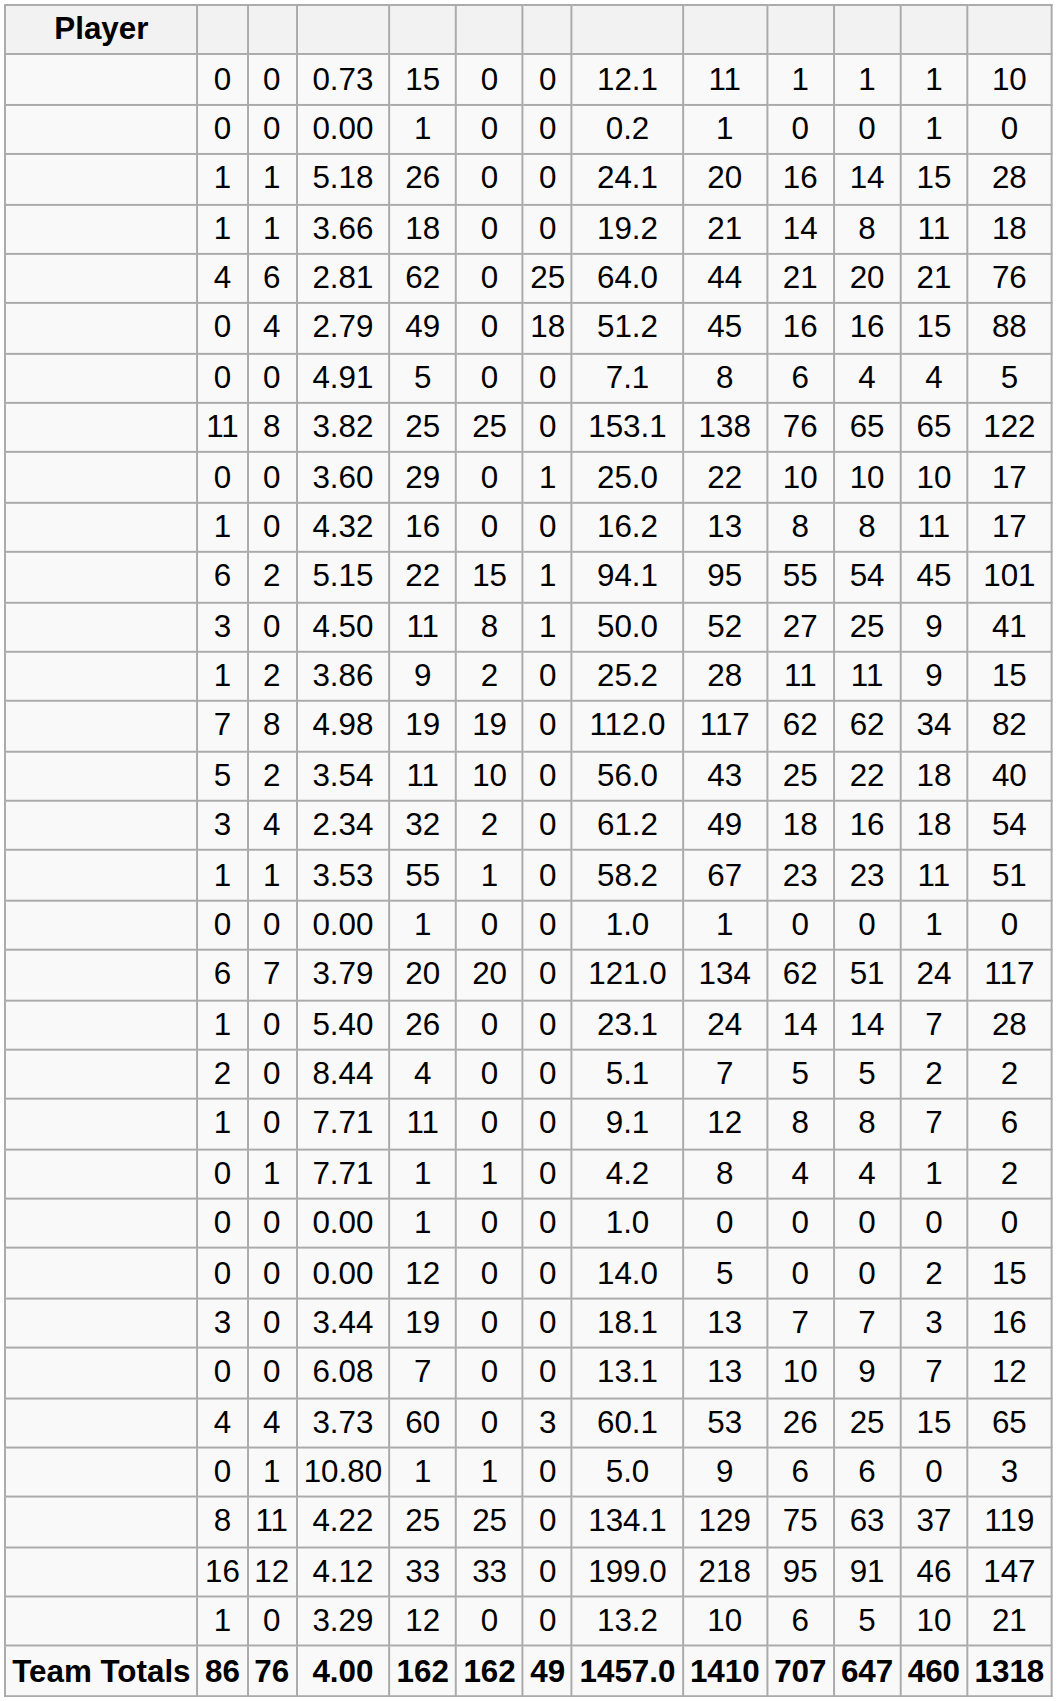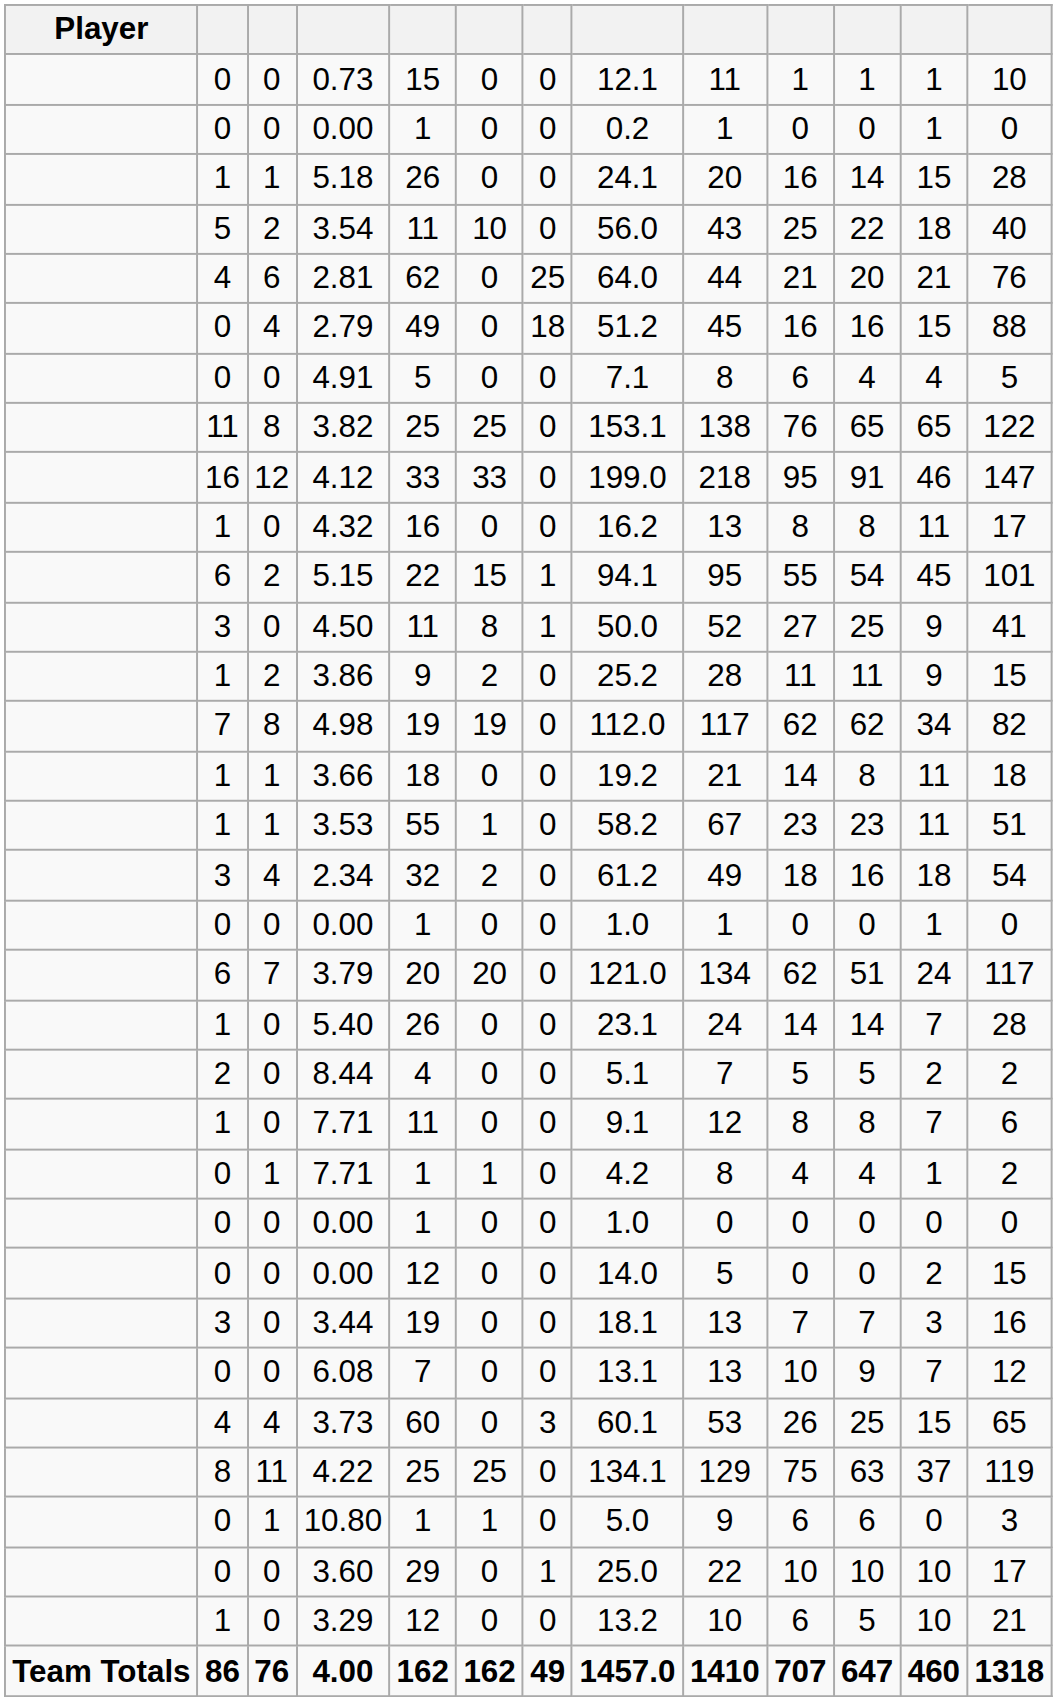 <table class="wikitable sortable" style="text-align:center;">
 <tr>
 <th>Player</th>
 <th></th>
 <th></th>
 <th></th>
 <th></th>
 <th></th>
 <th></th>
 <th></th>
 <th></th>
 <th></th>
 <th></th>
 <th></th>
 <th></th>
 </tr>
 <tr>
 <td align=left><strong></strong></td>
 <td>0</td>
 <td>0</td>
 <td>0.73</td>
 <td>15</td>
 <td>0</td>
 <td>0</td>
 <td>12.1</td>
 <td>11</td>
 <td>1</td>
 <td>1</td>
 <td>1</td>
 <td>10</td>
 </tr>
 <tr>
 <td align=left></td>
 <td>0</td>
 <td>0</td>
 <td>0.00</td>
 <td>1</td>
 <td>0</td>
 <td>0</td>
 <td>0.2</td>
 <td>1</td>
 <td>0</td>
 <td>0</td>
 <td>1</td>
 <td>0</td>
 </tr>
 <tr>
 <td align=left></td>
 <td>1</td>
 <td>1</td>
 <td>5.18</td>
 <td>26</td>
 <td>0</td>
 <td>0</td>
 <td>24.1</td>
 <td>20</td>
 <td>16</td>
 <td>14</td>
 <td>15</td>
 <td>28</td>
 </tr>
 <tr>
 <td align=left><strong></strong></td>
-<td>1</td>
-<td>1</td>
-<td>3.66</td>
+<td>5</td>
+<td>2</td>
+<td>3.54</td>
+<td>11</td>
+<td>10</td>
+<td>0</td>
+<td>56.0</td>
+<td>43</td>
+<td>25</td>
+<td>22</td>
 <td>18</td>
-<td>0</td>
-<td>0</td>
-<td>19.2</td>
-<td>21</td>
-<td>14</td>
-<td>8</td>
-<td>11</td>
-<td>18</td>
+<td>40</td>
 </tr>
 <tr>
 <td align=left><strong></strong></td>
 <td>4</td>
 <td>6</td>
 <td>2.81</td>
 <td>62</td>
 <td>0</td>
 <td>25</td>
 <td>64.0</td>
 <td>44</td>
 <td>21</td>
 <td>20</td>
 <td>21</td>
 <td>76</td>
 </tr>
 <tr>
 <td align=left><strong></strong></td>
 <td>0</td>
 <td>4</td>
 <td>2.79</td>
 <td>49</td>
 <td>0</td>
 <td>18</td>
 <td>51.2</td>
 <td>45</td>
 <td>16</td>
 <td>16</td>
 <td>15</td>
 <td>88</td>
 </tr>
 <tr>
 <td align=left></td>
 <td>0</td>
 <td>0</td>
 <td>4.91</td>
 <td>5</td>
 <td>0</td>
 <td>0</td>
 <td>7.1</td>
 <td>8</td>
 <td>6</td>
 <td>4</td>
 <td>4</td>
 <td>5</td>
 </tr>
 <tr>
 <td align=left><strong></strong></td>
 <td>11</td>
 <td>8</td>
 <td>3.82</td>
 <td>25</td>
 <td>25</td>
 <td>0</td>
 <td>153.1</td>
 <td>138</td>
 <td>76</td>
 <td>65</td>
 <td>65</td>
 <td>122</td>
 </tr>
 <tr>
 <td align=left><strong></strong></td>
+<td>16</td>
+<td>12</td>
+<td>4.12</td>
+<td>33</td>
+<td>33</td>
 <td>0</td>
-<td>0</td>
-<td>3.60</td>
-<td>29</td>
-<td>0</td>
-<td>1</td>
-<td>25.0</td>
-<td>22</td>
-<td>10</td>
-<td>10</td>
-<td>10</td>
-<td>17</td>
+<td>199.0</td>
+<td>218</td>
+<td>95</td>
+<td>91</td>
+<td>46</td>
+<td>147</td>
 </tr>
 <tr>
 <td align=left></td>
 <td>1</td>
 <td>0</td>
 <td>4.32</td>
 <td>16</td>
 <td>0</td>
 <td>0</td>
 <td>16.2</td>
 <td>13</td>
 <td>8</td>
 <td>8</td>
 <td>11</td>
 <td>17</td>
 </tr>
 <tr>
 <td align=left></td>
 <td>6</td>
 <td>2</td>
 <td>5.15</td>
 <td>22</td>
 <td>15</td>
 <td>1</td>
 <td>94.1</td>
 <td>95</td>
 <td>55</td>
 <td>54</td>
 <td>45</td>
 <td>101</td>
 </tr>
 <tr>
 <td align=left></td>
 <td>3</td>
 <td>0</td>
 <td>4.50</td>
 <td>11</td>
 <td>8</td>
 <td>1</td>
 <td>50.0</td>
 <td>52</td>
 <td>27</td>
 <td>25</td>
 <td>9</td>
 <td>41</td>
 </tr>
 <tr>
 <td align=left><strong></strong></td>
 <td>1</td>
 <td>2</td>
 <td>3.86</td>
 <td>9</td>
 <td>2</td>
 <td>0</td>
 <td>25.2</td>
 <td>28</td>
 <td>11</td>
 <td>11</td>
 <td>9</td>
 <td>15</td>
 </tr>
 <tr>
 <td align=left></td>
 <td>7</td>
 <td>8</td>
 <td>4.98</td>
 <td>19</td>
 <td>19</td>
 <td>0</td>
 <td>112.0</td>
 <td>117</td>
 <td>62</td>
 <td>62</td>
 <td>34</td>
 <td>82</td>
 </tr>
 <tr>
 <td align=left><strong></strong></td>
-<td>5</td>
-<td>2</td>
-<td>3.54</td>
+<td>1</td>
+<td>1</td>
+<td>3.66</td>
+<td>18</td>
+<td>0</td>
+<td>0</td>
+<td>19.2</td>
+<td>21</td>
+<td>14</td>
+<td>8</td>
 <td>11</td>
-<td>10</td>
+<td>18</td>
+</tr>
+<tr>
+<td align=left><strong></strong></td>
+<td>1</td>
+<td>1</td>
+<td>3.53</td>
+<td>55</td>
+<td>1</td>
 <td>0</td>
-<td>56.0</td>
-<td>43</td>
-<td>25</td>
-<td>22</td>
-<td>18</td>
-<td>40</td>
+<td>58.2</td>
+<td>67</td>
+<td>23</td>
+<td>23</td>
+<td>11</td>
+<td>51</td>
 </tr>
 <tr>
 <td align=left></td>
 <td>3</td>
 <td>4</td>
 <td>2.34</td>
 <td>32</td>
 <td>2</td>
 <td>0</td>
 <td>61.2</td>
 <td>49</td>
 <td>18</td>
 <td>16</td>
 <td>18</td>
 <td>54</td>
-</tr>
-<tr>
-<td align=left><strong></strong></td>
-<td>1</td>
-<td>1</td>
-<td>3.53</td>
-<td>55</td>
-<td>1</td>
-<td>0</td>
-<td>58.2</td>
-<td>67</td>
-<td>23</td>
-<td>23</td>
-<td>11</td>
-<td>51</td>
 </tr>
 <tr>
 <td align=left></td>
 <td>0</td>
 <td>0</td>
 <td>0.00</td>
 <td>1</td>
 <td>0</td>
 <td>0</td>
 <td>1.0</td>
 <td>1</td>
 <td>0</td>
 <td>0</td>
 <td>1</td>
 <td>0</td>
 </tr>
 <tr>
 <td align=left><strong></strong></td>
 <td>6</td>
 <td>7</td>
 <td>3.79</td>
 <td>20</td>
 <td>20</td>
 <td>0</td>
 <td>121.0</td>
 <td>134</td>
 <td>62</td>
 <td>51</td>
 <td>24</td>
 <td>117</td>
 </tr>
 <tr>
 <td align=left></td>
 <td>1</td>
 <td>0</td>
 <td>5.40</td>
 <td>26</td>
 <td>0</td>
 <td>0</td>
 <td>23.1</td>
 <td>24</td>
 <td>14</td>
 <td>14</td>
 <td>7</td>
 <td>28</td>
 </tr>
 <tr>
 <td align=left></td>
 <td>2</td>
 <td>0</td>
 <td>8.44</td>
 <td>4</td>
 <td>0</td>
 <td>0</td>
 <td>5.1</td>
 <td>7</td>
 <td>5</td>
 <td>5</td>
 <td>2</td>
 <td>2</td>
 </tr>
 <tr>
 <td align=left><strong></strong></td>
 <td>1</td>
 <td>0</td>
 <td>7.71</td>
 <td>11</td>
 <td>0</td>
 <td>0</td>
 <td>9.1</td>
 <td>12</td>
 <td>8</td>
 <td>8</td>
 <td>7</td>
 <td>6</td>
 </tr>
 <tr>
 <td align=left></td>
 <td>0</td>
 <td>1</td>
 <td>7.71</td>
 <td>1</td>
 <td>1</td>
 <td>0</td>
 <td>4.2</td>
 <td>8</td>
 <td>4</td>
 <td>4</td>
 <td>1</td>
 <td>2</td>
 </tr>
 <tr>
 <td align=left></td>
 <td>0</td>
 <td>0</td>
 <td>0.00</td>
 <td>1</td>
 <td>0</td>
 <td>0</td>
 <td>1.0</td>
 <td>0</td>
 <td>0</td>
 <td>0</td>
 <td>0</td>
 <td>0</td>
 </tr>
 <tr>
 <td align=left><strong></strong></td>
 <td>0</td>
 <td>0</td>
 <td>0.00</td>
 <td>12</td>
 <td>0</td>
 <td>0</td>
 <td>14.0</td>
 <td>5</td>
 <td>0</td>
 <td>0</td>
 <td>2</td>
 <td>15</td>
 </tr>
 <tr>
 <td align=left><strong></strong></td>
 <td>3</td>
 <td>0</td>
 <td>3.44</td>
 <td>19</td>
 <td>0</td>
 <td>0</td>
 <td>18.1</td>
 <td>13</td>
 <td>7</td>
 <td>7</td>
 <td>3</td>
 <td>16</td>
 </tr>
 <tr>
 <td align=left><strong></strong></td>
 <td>0</td>
 <td>0</td>
 <td>6.08</td>
 <td>7</td>
 <td>0</td>
 <td>0</td>
 <td>13.1</td>
 <td>13</td>
 <td>10</td>
 <td>9</td>
 <td>7</td>
 <td>12</td>
 </tr>
 <tr>
 <td align=left><strong></strong></td>
 <td>4</td>
 <td>4</td>
 <td>3.73</td>
 <td>60</td>
 <td>0</td>
 <td>3</td>
 <td>60.1</td>
 <td>53</td>
 <td>26</td>
 <td>25</td>
 <td>15</td>
 <td>65</td>
 </tr>
 <tr>
+<td align=left><strong></strong></td>
+<td>8</td>
+<td>11</td>
+<td>4.22</td>
+<td>25</td>
+<td>25</td>
+<td>0</td>
+<td>134.1</td>
+<td>129</td>
+<td>75</td>
+<td>63</td>
+<td>37</td>
+<td>119</td>
+</tr>
+<tr>
 <td align=left></td>
 <td>0</td>
 <td>1</td>
 <td>10.80</td>
 <td>1</td>
 <td>1</td>
 <td>0</td>
 <td>5.0</td>
 <td>9</td>
 <td>6</td>
 <td>6</td>
 <td>0</td>
 <td>3</td>
 </tr>
 <tr>
 <td align=left><strong></strong></td>
-<td>8</td>
-<td>11</td>
-<td>4.22</td>
-<td>25</td>
-<td>25</td>
 <td>0</td>
-<td>134.1</td>
-<td>129</td>
-<td>75</td>
-<td>63</td>
-<td>37</td>
-<td>119</td>
-</tr>
-<tr>
-<td align=left><strong></strong></td>
-<td>16</td>
-<td>12</td>
-<td>4.12</td>
-<td>33</td>
-<td>33</td>
 <td>0</td>
-<td>199.0</td>
-<td>218</td>
-<td>95</td>
-<td>91</td>
-<td>46</td>
-<td>147</td>
+<td>3.60</td>
+<td>29</td>
+<td>0</td>
+<td>1</td>
+<td>25.0</td>
+<td>22</td>
+<td>10</td>
+<td>10</td>
+<td>10</td>
+<td>17</td>
 </tr>
 <tr>
 <td align=left></td>
 <td>1</td>
 <td>0</td>
 <td>3.29</td>
 <td>12</td>
 <td>0</td>
 <td>0</td>
 <td>13.2</td>
 <td>10</td>
 <td>6</td>
 <td>5</td>
 <td>10</td>
 <td>21</td>
 </tr>
 <tr>
 <td align=left><strong>Team Totals</strong></td>
 <td><strong>86</strong></td>
 <td><strong>76</strong></td>
 <td><strong>4.00</strong></td>
 <td><strong>162</strong></td>
 <td><strong>162</strong></td>
 <td><strong>49</strong></td>
 <td><strong>1457.0</strong></td>
 <td><strong>1410</strong></td>
 <td><strong>707</strong></td>
 <td><strong>647</strong></td>
 <td><strong>460</strong></td>
 <td><strong>1318</strong></td>
 </tr>
 <tr class=="sortbottom">
 </tr>
 </table>
